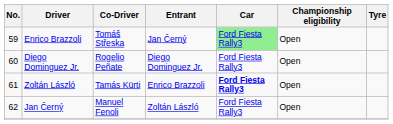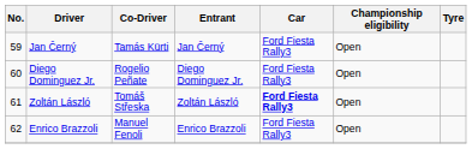 <table class="wikitable" style="font-size: 85%;">
 <tr>
 <th>No.</th>
 <th>Driver</th>
 <th>Co-Driver</th>
 <th>Entrant</th>
 <th>Car</th>
 <th>Championship eligibility</th>
 <th>Tyre</th>
 </tr>
 <tr>
 <td align="center">59</td>
-<td> <a href='#'>Enrico Brazzoli</a></td>
-<td> <a href='#'>Tomáš Střeska</a></td>
 <td> <a href='#'>Jan Černý</a></td>
-<td style="background: lightgreen;"><a href='#'>Ford Fiesta Rally3</a></td>
+<td> <a href='#'>Tamás Kürti</a></td>
+<td> <a href='#'>Jan Černý</a></td>
+<td><a href='#'>Ford Fiesta Rally3</a></td>
 <td>Open</td>
 <td align="center"></td>
 </tr>
 <tr>
 <td align="center">60</td>
 <td> <a href='#'>Diego Dominguez Jr.</a></td>
 <td> <a href='#'>Rogelio Peñate</a></td>
 <td> <a href='#'>Diego Dominguez Jr.</a></td>
 <td><a href='#'>Ford Fiesta Rally3</a></td>
 <td>Open</td>
 <td align="center"></td>
 </tr>
 <tr>
 <td align="center">61</td>
 <td> <a href='#'>Zoltán László</a></td>
-<td> <a href='#'>Tamás Kürti</a></td>
-<td> <a href='#'>Enrico Brazzoli</a></td>
+<td> <a href='#'>Tomáš Střeska</a></td>
+<td> <a href='#'>Zoltán László</a></td>
 <td><strong><a href='#'>Ford Fiesta Rally3</a></strong></td>
 <td>Open</td>
 <td align="center"></td>
 </tr>
 <tr>
 <td align="center">62</td>
-<td> <a href='#'>Jan Černý</a></td>
+<td> <a href='#'>Enrico Brazzoli</a></td>
 <td> <a href='#'>Manuel Fenoli</a></td>
-<td> <a href='#'>Zoltán László</a></td>
+<td> <a href='#'>Enrico Brazzoli</a></td>
 <td><a href='#'>Ford Fiesta Rally3</a></td>
 <td>Open</td>
 <td align="center"></td>
 </tr>
 <tr>
 </tr>
 </table>
